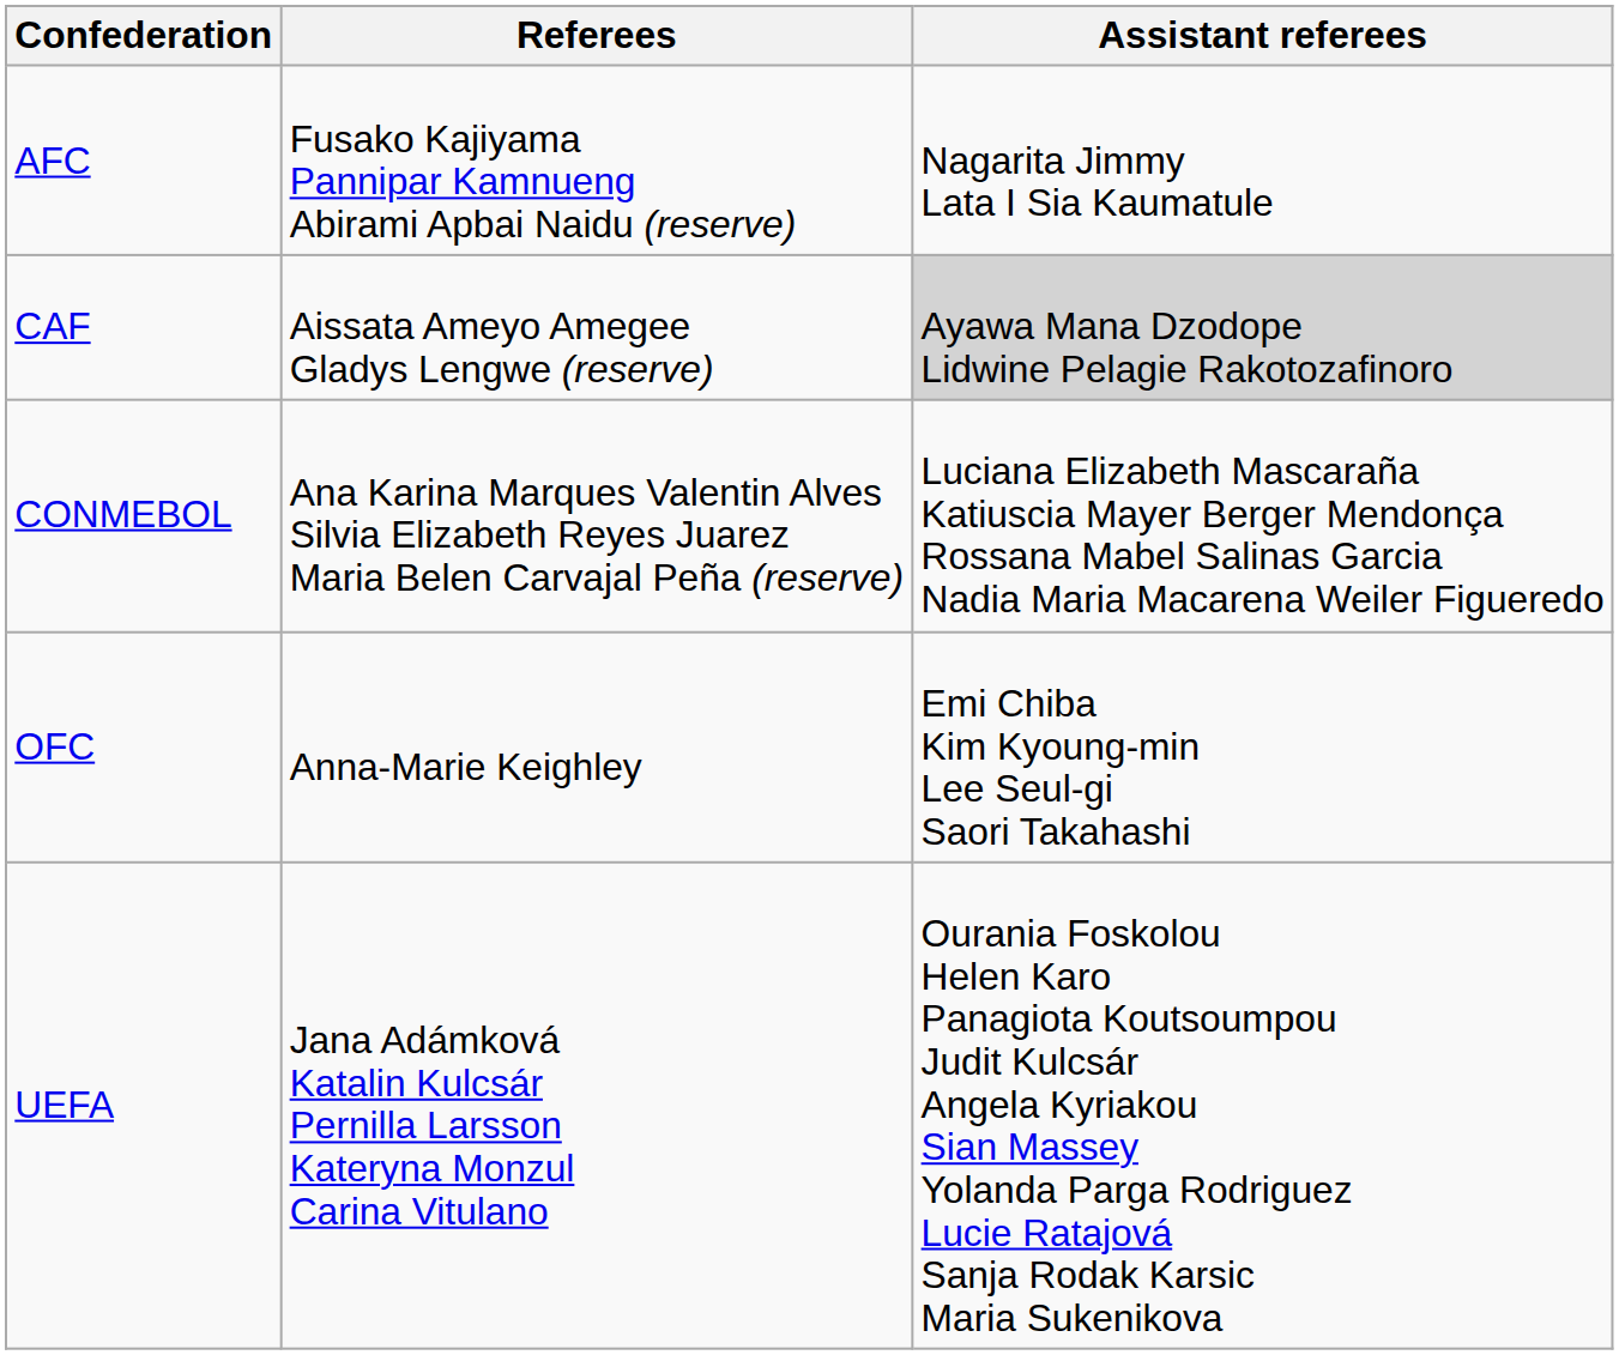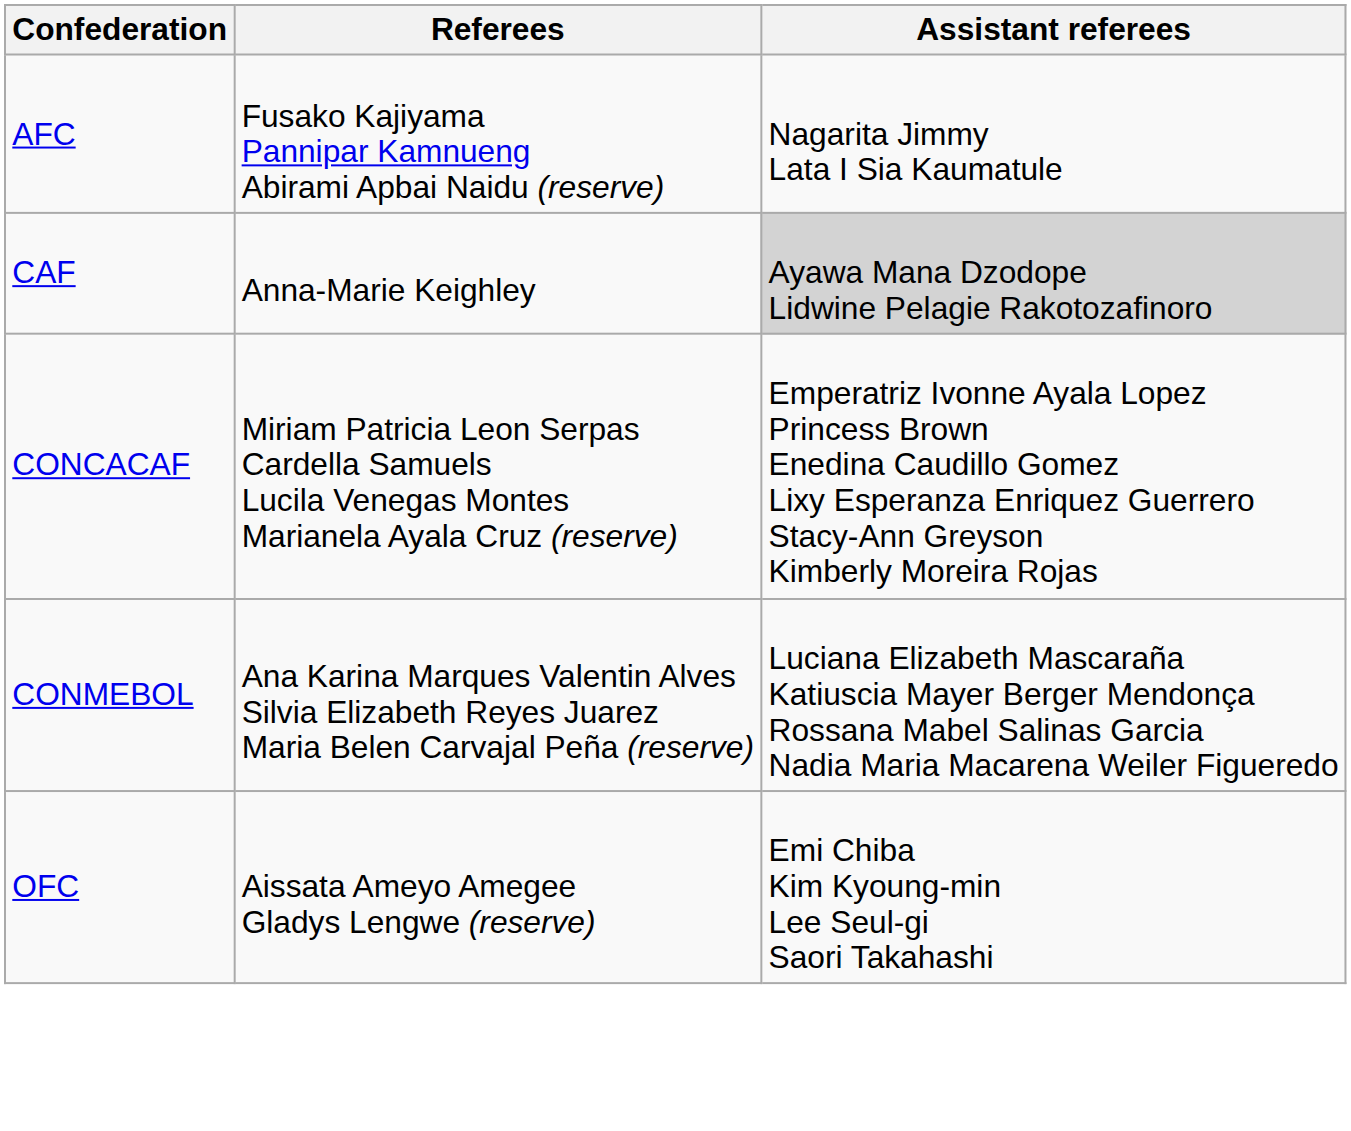 <table class="wikitable">
 <tr>
 <th>Confederation</th>
 <th>Referees</th>
 <th>Assistant referees</th>
 </tr>
 <tr>
 <td><a href='#'>AFC</a></td>
 <td><br> Fusako Kajiyama<br>  <a href='#'>Pannipar Kamnueng</a><br>  Abirami Apbai Naidu <em>(reserve)</em></td>
 <td><br> Nagarita Jimmy<br>  Lata I Sia Kaumatule</td>
 </tr>
 <tr>
 <td><a href='#'>CAF</a></td>
-<td><br> Aissata Ameyo Amegee<br>  Gladys Lengwe <em>(reserve)</em></td>
+<td><br> Anna-Marie Keighley</td>
 <td style="background: lightgrey;"><br> Ayawa Mana Dzodope<br>  Lidwine Pelagie Rakotozafinoro</td>
+</tr>
+<tr>
+<td><a href='#'>CONCACAF</a></td>
+<td><br> Miriam Patricia Leon Serpas<br>  Cardella Samuels<br>  Lucila Venegas Montes<br>  Marianela Ayala Cruz <em>(reserve)</em></td>
+<td><br> Emperatriz Ivonne Ayala Lopez<br>  Princess Brown<br>  Enedina Caudillo Gomez<br>  Lixy Esperanza Enriquez Guerrero<br>  Stacy-Ann Greyson<br>  Kimberly Moreira Rojas</td>
 </tr>
 <tr>
 <td><a href='#'>CONMEBOL</a></td>
 <td><br> Ana Karina Marques Valentin Alves<br>  Silvia Elizabeth Reyes Juarez<br>  Maria Belen Carvajal Peña <em>(reserve)</em></td>
 <td><br> Luciana Elizabeth Mascaraña<br>  Katiuscia Mayer Berger Mendonça<br>  Rossana Mabel Salinas Garcia<br>  Nadia Maria Macarena Weiler Figueredo</td>
 </tr>
 <tr>
 <td><a href='#'>OFC</a></td>
-<td><br> Anna-Marie Keighley</td>
+<td><br> Aissata Ameyo Amegee<br>  Gladys Lengwe <em>(reserve)</em></td>
 <td><br> Emi Chiba<br>  Kim Kyoung-min<br>  Lee Seul-gi<br>  Saori Takahashi</td>
 </tr>
-<tr>
-<td><a href='#'>UEFA</a></td>
-<td><br> Jana Adámková <br>  <a href='#'>Katalin Kulcsár</a><br>  <a href='#'>Pernilla Larsson</a><br>  <a href='#'>Kateryna Monzul</a><br>  <a href='#'>Carina Vitulano</a></td>
-<td><br> Ourania Foskolou<br>  Helen Karo<br>  Panagiota Koutsoumpou<br>  Judit Kulcsár<br>  Angela Kyriakou<br>  <a href='#'>Sian Massey</a><br>  Yolanda Parga Rodriguez<br>  <a href='#'>Lucie Ratajová</a><br>  Sanja Rodak Karsic<br>  Maria Sukenikova</td>
-</tr>
 </table>
